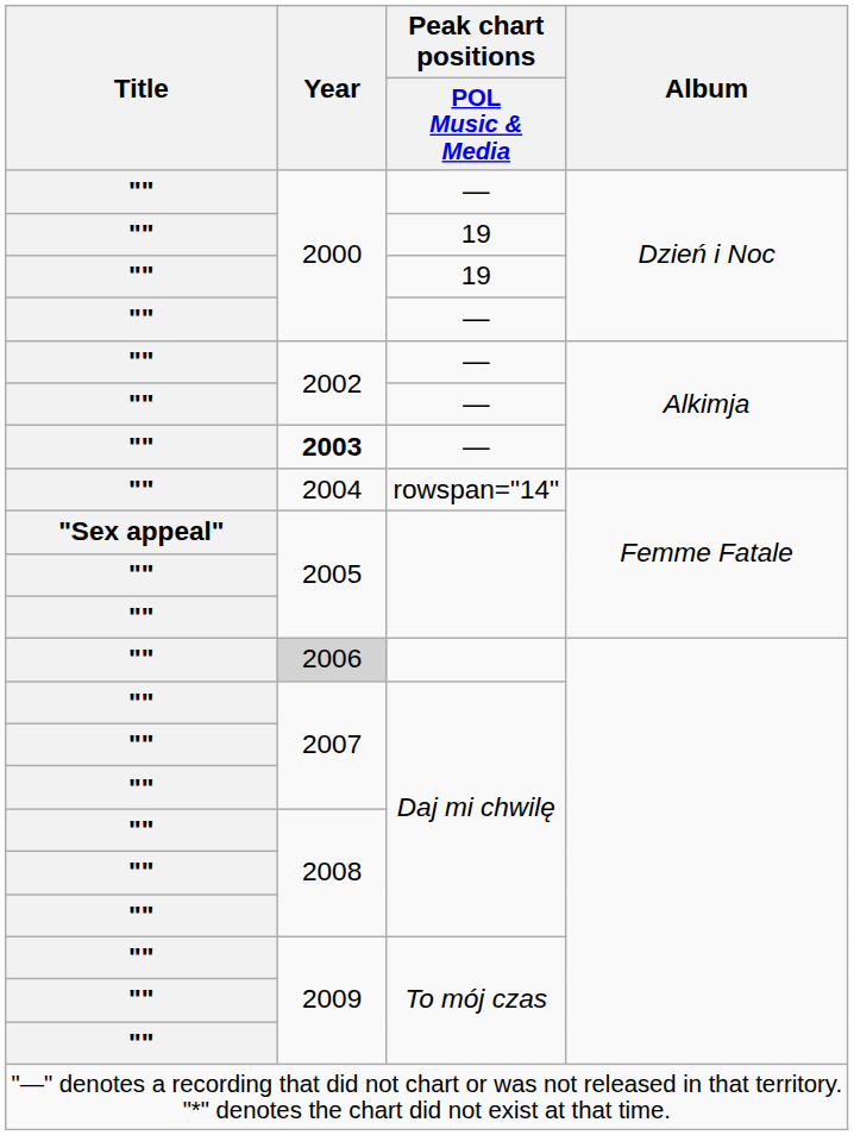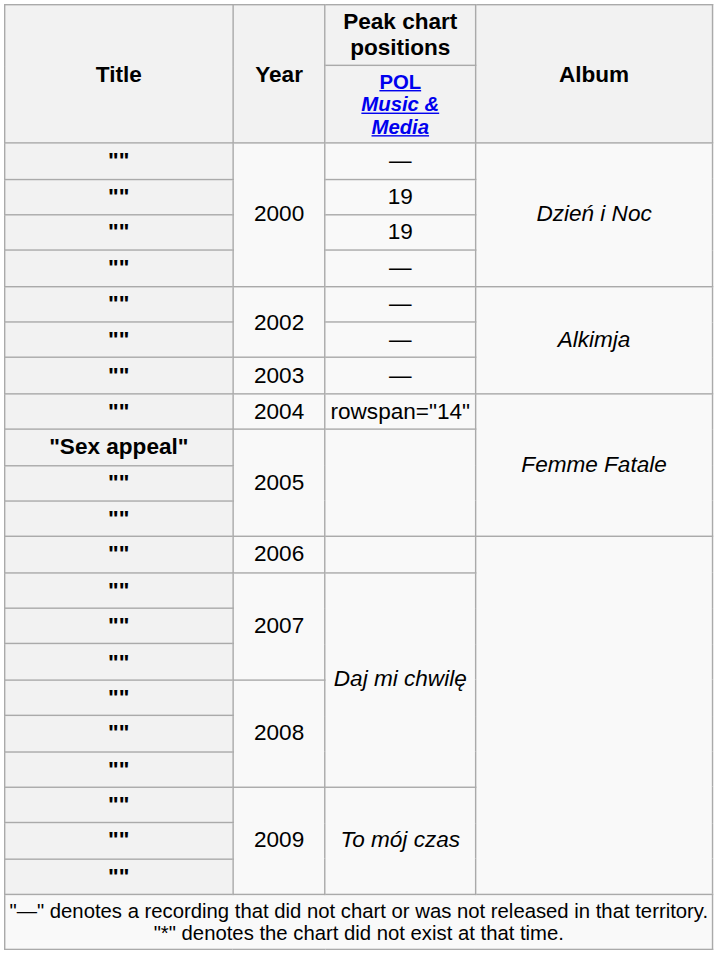 <table class="wikitable plainrowheaders" style="text-align:center;">
 <tr>
 <th rowspan="2" scope="col">Title</th>
 <th rowspan="2" scope="col">Year</th>
 <th scope="col">Peak chart positions</th>
 <th rowspan="2" scope="col">Album</th>
 </tr>
 <tr>
 <th scope="col" style="width:3em;font-size:90%;"><a href='#'>POL<br><em>Music & Media</em></a><br></th>
 </tr>
 <tr>
 <th scope="row">""</th>
 <td rowspan="4">2000</td>
 <td>—</td>
 <td rowspan="4"><em>Dzień i Noc</em></td>
 </tr>
 <tr>
 <th scope="row">""</th>
 <td>19</td>
 </tr>
 <tr>
 <th scope="row">""</th>
 <td>19</td>
 </tr>
 <tr>
 <th scope="row">""</th>
 <td>—</td>
 </tr>
 <tr>
 <th scope="row">""</th>
 <td rowspan="2">2002</td>
 <td>—</td>
 <td rowspan="3"><em>Alkimja</em></td>
 </tr>
 <tr>
 <th scope="row">""</th>
 <td>—</td>
 </tr>
 <tr>
 <th scope="row">""</th>
-<td><strong>2003</strong></td>
+<td>2003</td>
 <td>—</td>
 </tr>
 <tr>
 <th scope="row">""</th>
 <td>2004</td>
 <td>rowspan="14" </td>
 <td rowspan="4"><em>Femme Fatale</em></td>
 </tr>
 <tr>
 <th scope="row">"Sex appeal"</th>
 <td rowspan="3">2005</td>
 </tr>
 <tr>
 <th scope="row">""</th>
 </tr>
 <tr>
 <th scope="row">""</th>
 </tr>
 <tr>
 <th scope="row">""</th>
-<td style="background: lightgrey;">2006</td>
+<td>2006</td>
 <td></td>
 </tr>
 <tr>
 <th scope="row">""</th>
 <td rowspan="3">2007</td>
 <td rowspan="6"><em>Daj mi chwilę</em></td>
 </tr>
 <tr>
 <th scope="row">""</th>
 </tr>
 <tr>
 <th scope="row">""</th>
 </tr>
 <tr>
 <th scope="row">""</th>
 <td rowspan="3">2008</td>
 </tr>
 <tr>
 <th scope="row">""<br></th>
 </tr>
 <tr>
 <th scope="row">""</th>
 </tr>
 <tr>
 <th scope="row">""</th>
 <td rowspan="3">2009</td>
 <td rowspan="3"><em>To mój czas</em></td>
 </tr>
 <tr>
 <th scope="row">""</th>
 </tr>
 <tr>
 <th scope="row">""</th>
 </tr>
 <tr>
 <td colspan="4" style="font-size:90%">"—" denotes a recording that did not chart or was not released in that territory.<br>"*" denotes the chart did not exist at that time.</td>
 </tr>
 </table>
